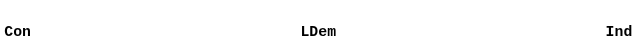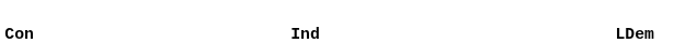 <table style="width:60%; text-align:center;">
 <tr style="color:white;">
 <td style="background:"><strong>39</strong></td>
+<td style="background:"><strong>1</strong></td>
 <td style="background:"><strong>4</strong></td>
-<td style="background:"><strong>1</strong></td>
 </tr>
 <tr>
 <td><span><strong>Con</strong></span></td>
+<td><span><strong>Ind</strong></span></td>
 <td><span><strong>LDem</strong></span></td>
-<td><span><strong>Ind</strong></span></td>
 </tr>
 </table>
